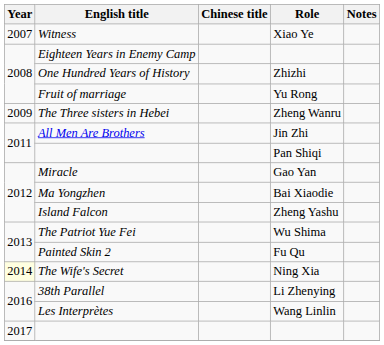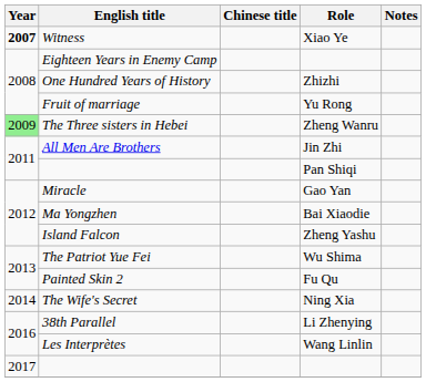 <table class="wikitable">
 <tr>
 <th>Year</th>
 <th>English title</th>
 <th>Chinese title</th>
 <th>Role</th>
 <th>Notes</th>
 </tr>
 <tr>
-<td>2007</td>
+<td><strong>2007</strong></td>
 <td><em>Witness</em></td>
 <td></td>
 <td>Xiao Ye</td>
 <td></td>
 </tr>
 <tr>
 <td rowspan="3">2008</td>
 <td><em>Eighteen Years in Enemy Camp</em></td>
 <td></td>
 <td></td>
 <td></td>
 </tr>
 <tr>
 <td><em>One Hundred Years of History</em></td>
 <td></td>
 <td>Zhizhi</td>
 <td></td>
 </tr>
 <tr>
 <td><em>Fruit of marriage</em></td>
 <td></td>
 <td>Yu Rong</td>
 <td></td>
 </tr>
 <tr>
-<td>2009</td>
+<td style="background: lightgreen;">2009</td>
 <td><em>The Three sisters in Hebei</em></td>
 <td></td>
 <td>Zheng Wanru</td>
 <td></td>
 </tr>
 <tr>
 <td rowspan="2">2011</td>
 <td><em><a href='#'>All Men Are Brothers</a></em></td>
 <td></td>
 <td>Jin Zhi</td>
 <td></td>
 </tr>
 <tr>
 <td></td>
 <td></td>
 <td>Pan Shiqi</td>
 <td></td>
 </tr>
 <tr>
 <td rowspan="3">2012</td>
 <td><em>Miracle</em></td>
 <td></td>
 <td>Gao Yan</td>
 <td></td>
 </tr>
 <tr>
 <td><em>Ma Yongzhen</em></td>
 <td></td>
 <td>Bai Xiaodie</td>
 <td></td>
 </tr>
 <tr>
 <td><em>Island Falcon</em></td>
 <td></td>
 <td>Zheng Yashu</td>
 <td></td>
 </tr>
 <tr>
 <td rowspan="2">2013</td>
 <td><em>The Patriot Yue Fei</em></td>
 <td></td>
 <td>Wu Shima</td>
 <td></td>
 </tr>
 <tr>
 <td><em>Painted Skin 2</em></td>
 <td></td>
 <td>Fu Qu</td>
 <td></td>
 </tr>
 <tr>
-<td style="background: lightyellow;">2014</td>
+<td>2014</td>
 <td><em>The Wife's Secret</em></td>
 <td></td>
 <td>Ning Xia</td>
 <td></td>
 </tr>
 <tr>
 <td rowspan="2">2016</td>
 <td><em>38th Parallel</em></td>
 <td></td>
 <td>Li Zhenying</td>
 <td></td>
 </tr>
 <tr>
 <td><em>Les Interprètes</em></td>
 <td></td>
 <td>Wang Linlin</td>
 <td></td>
 </tr>
 <tr>
 <td rowspan="1">2017</td>
 <td></td>
 <td></td>
 <td></td>
 <td></td>
 </tr>
 <tr>
 </tr>
 </table>
